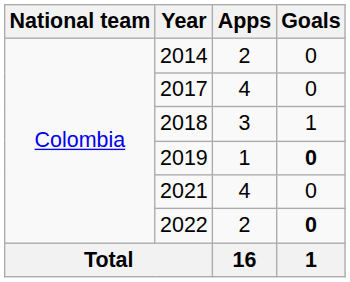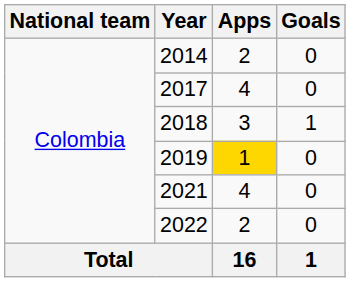 <table class="wikitable" style="text-align:center">
 <tr>
 <th>National team</th>
 <th>Year</th>
 <th>Apps</th>
 <th>Goals</th>
 </tr>
 <tr>
 <td rowspan="6"><a href='#'>Colombia</a></td>
 <td>2014</td>
 <td>2</td>
 <td>0</td>
 </tr>
 <tr>
 <td>2017</td>
 <td>4</td>
 <td>0</td>
 </tr>
 <tr>
 <td>2018</td>
 <td>3</td>
 <td>1</td>
 </tr>
 <tr>
 <td>2019</td>
-<td>1</td>
-<td><strong>0</strong></td>
+<td style="background: gold;">1</td>
+<td>0</td>
 </tr>
 <tr>
 <td>2021</td>
 <td>4</td>
 <td>0</td>
 </tr>
 <tr>
 <td>2022</td>
 <td>2</td>
-<td><strong>0</strong></td>
+<td>0</td>
 </tr>
 <tr>
 <th colspan="2">Total</th>
 <th>16</th>
 <th>1</th>
 </tr>
 </table>
